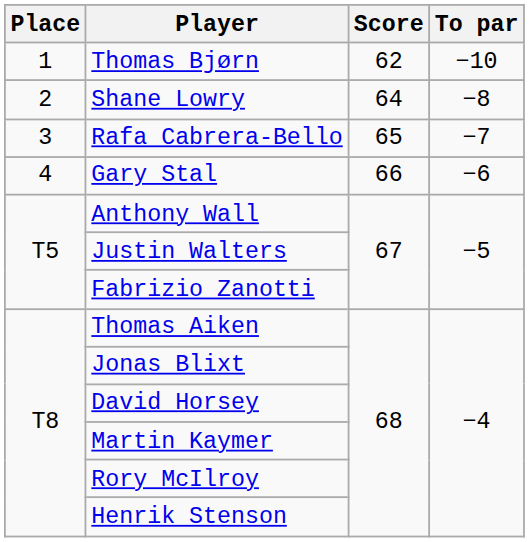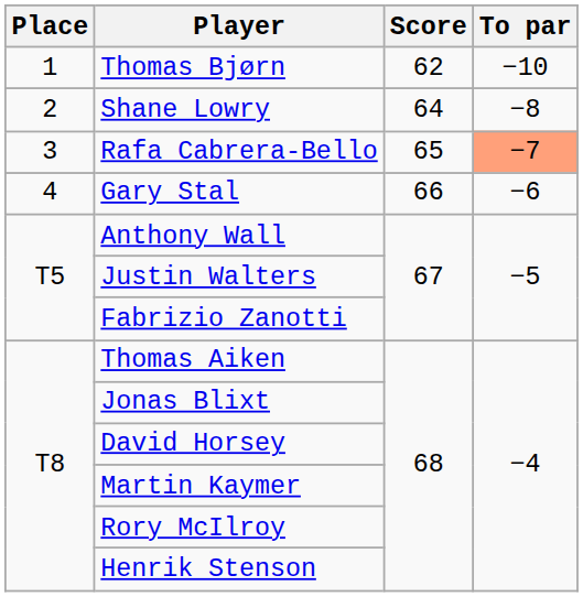 <table class="wikitable">
 <tr>
 <th>Place</th>
 <th>Player</th>
 <th>Score</th>
 <th>To par</th>
 </tr>
 <tr>
 <td align=center>1</td>
 <td> <a href='#'>Thomas Bjørn</a></td>
 <td align=center>62</td>
 <td align=center>−10</td>
 </tr>
 <tr>
 <td align=center>2</td>
 <td> <a href='#'>Shane Lowry</a></td>
 <td align=center>64</td>
 <td align=center>−8</td>
 </tr>
 <tr>
 <td align=center>3</td>
 <td> <a href='#'>Rafa Cabrera-Bello</a></td>
 <td align=center>65</td>
-<td align=center>−7</td>
+<td align=center style="background: lightsalmon;">−7</td>
 </tr>
 <tr>
 <td align=center>4</td>
 <td> <a href='#'>Gary Stal</a></td>
 <td align=center>66</td>
 <td align=center>−6</td>
 </tr>
 <tr>
 <td align=center rowspan=3>T5</td>
 <td> <a href='#'>Anthony Wall</a></td>
 <td align=center rowspan=3>67</td>
 <td align=center rowspan=3>−5</td>
 </tr>
 <tr>
 <td> <a href='#'>Justin Walters</a></td>
 </tr>
 <tr>
 <td> <a href='#'>Fabrizio Zanotti</a></td>
 </tr>
 <tr>
 <td align=center rowspan=6>T8</td>
 <td> <a href='#'>Thomas Aiken</a></td>
 <td align=center rowspan=6>68</td>
 <td align=center rowspan=6>−4</td>
 </tr>
 <tr>
 <td> <a href='#'>Jonas Blixt</a></td>
 </tr>
 <tr>
 <td> <a href='#'>David Horsey</a></td>
 </tr>
 <tr>
 <td> <a href='#'>Martin Kaymer</a></td>
 </tr>
 <tr>
 <td> <a href='#'>Rory McIlroy</a></td>
 </tr>
 <tr>
 <td> <a href='#'>Henrik Stenson</a></td>
 </tr>
 </table>
